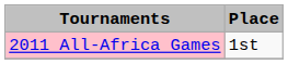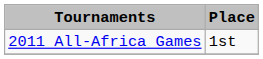 <table class="wikitable collapsible" border="1">
 <tr>
 <th style="background:silver;">Tournaments</th>
 <th style="background:silver;">Place</th>
 </tr>
 <tr>
-<td style="background: pink;"><a href='#'>2011 All-Africa Games</a></td>
+<td><a href='#'>2011 All-Africa Games</a></td>
 <td>1st</td>
 </tr>
 <tr>
 </tr>
 </table>
